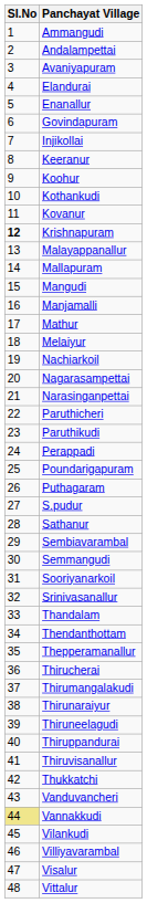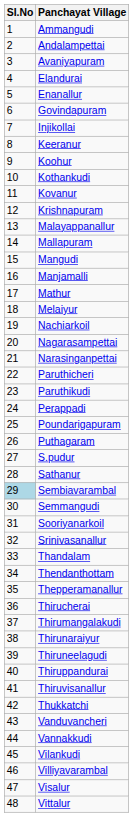 <table class="wikitable sortable">
 <tr>
 <th>SI.No</th>
 <th>Panchayat Village</th>
 </tr>
 <tr>
 <td>1</td>
 <td><a href='#'>Ammangudi</a></td>
 </tr>
 <tr>
 <td>2</td>
 <td><a href='#'>Andalampettai</a></td>
 </tr>
 <tr>
 <td>3</td>
 <td><a href='#'>Avaniyapuram</a></td>
 </tr>
 <tr>
 <td>4</td>
 <td><a href='#'>Elandurai</a></td>
 </tr>
 <tr>
 <td>5</td>
 <td><a href='#'>Enanallur</a></td>
 </tr>
 <tr>
 <td>6</td>
 <td><a href='#'>Govindapuram</a></td>
 </tr>
 <tr>
 <td>7</td>
 <td><a href='#'>Injikollai</a></td>
 </tr>
 <tr>
 <td>8</td>
 <td><a href='#'>Keeranur</a></td>
 </tr>
 <tr>
 <td>9</td>
 <td><a href='#'>Koohur</a></td>
 </tr>
 <tr>
 <td>10</td>
 <td><a href='#'>Kothankudi</a></td>
 </tr>
 <tr>
 <td>11</td>
 <td><a href='#'>Kovanur</a></td>
 </tr>
 <tr>
-<td><strong>12</strong></td>
+<td>12</td>
 <td><a href='#'>Krishnapuram</a></td>
 </tr>
 <tr>
 <td>13</td>
 <td><a href='#'>Malayappanallur</a></td>
 </tr>
 <tr>
 <td>14</td>
 <td><a href='#'>Mallapuram</a></td>
 </tr>
 <tr>
 <td>15</td>
 <td><a href='#'>Mangudi</a></td>
 </tr>
 <tr>
 <td>16</td>
 <td><a href='#'>Manjamalli</a></td>
 </tr>
 <tr>
 <td>17</td>
 <td><a href='#'>Mathur</a></td>
 </tr>
 <tr>
 <td>18</td>
 <td><a href='#'>Melaiyur</a></td>
 </tr>
 <tr>
 <td>19</td>
 <td><a href='#'>Nachiarkoil</a></td>
 </tr>
 <tr>
 <td>20</td>
 <td><a href='#'>Nagarasampettai</a></td>
 </tr>
 <tr>
 <td>21</td>
 <td><a href='#'>Narasinganpettai</a></td>
 </tr>
 <tr>
 <td>22</td>
 <td><a href='#'>Paruthicheri</a></td>
 </tr>
 <tr>
 <td>23</td>
 <td><a href='#'>Paruthikudi</a></td>
 </tr>
 <tr>
 <td>24</td>
 <td><a href='#'>Perappadi</a></td>
 </tr>
 <tr>
 <td>25</td>
 <td><a href='#'>Poundarigapuram</a></td>
 </tr>
 <tr>
 <td>26</td>
 <td><a href='#'>Puthagaram</a></td>
 </tr>
 <tr>
 <td>27</td>
 <td><a href='#'>S.pudur</a></td>
 </tr>
 <tr>
 <td>28</td>
 <td><a href='#'>Sathanur</a></td>
 </tr>
 <tr>
-<td>29</td>
+<td style="background: lightblue;">29</td>
 <td><a href='#'>Sembiavarambal</a></td>
 </tr>
 <tr>
 <td>30</td>
 <td><a href='#'>Semmangudi</a></td>
 </tr>
 <tr>
 <td>31</td>
 <td><a href='#'>Sooriyanarkoil</a></td>
 </tr>
 <tr>
 <td>32</td>
 <td><a href='#'>Srinivasanallur</a></td>
 </tr>
 <tr>
 <td>33</td>
 <td><a href='#'>Thandalam</a></td>
 </tr>
 <tr>
 <td>34</td>
 <td><a href='#'>Thendanthottam</a></td>
 </tr>
 <tr>
 <td>35</td>
 <td><a href='#'>Thepperamanallur</a></td>
 </tr>
 <tr>
 <td>36</td>
 <td><a href='#'>Thirucherai</a></td>
 </tr>
 <tr>
 <td>37</td>
 <td><a href='#'>Thirumangalakudi</a></td>
 </tr>
 <tr>
 <td>38</td>
 <td><a href='#'>Thirunaraiyur</a></td>
 </tr>
 <tr>
 <td>39</td>
 <td><a href='#'>Thiruneelagudi</a></td>
 </tr>
 <tr>
 <td>40</td>
 <td><a href='#'>Thiruppandurai</a></td>
 </tr>
 <tr>
 <td>41</td>
 <td><a href='#'>Thiruvisanallur</a></td>
 </tr>
 <tr>
 <td>42</td>
 <td><a href='#'>Thukkatchi</a></td>
 </tr>
 <tr>
 <td>43</td>
 <td><a href='#'>Vanduvancheri</a></td>
 </tr>
 <tr>
-<td style="background: khaki;">44</td>
+<td>44</td>
 <td><a href='#'>Vannakkudi</a></td>
 </tr>
 <tr>
 <td>45</td>
 <td><a href='#'>Vilankudi</a></td>
 </tr>
 <tr>
 <td>46</td>
 <td><a href='#'>Villiyavarambal</a></td>
 </tr>
 <tr>
 <td>47</td>
 <td><a href='#'>Visalur</a></td>
 </tr>
 <tr>
 <td>48</td>
 <td><a href='#'>Vittalur</a></td>
 </tr>
 </table>
